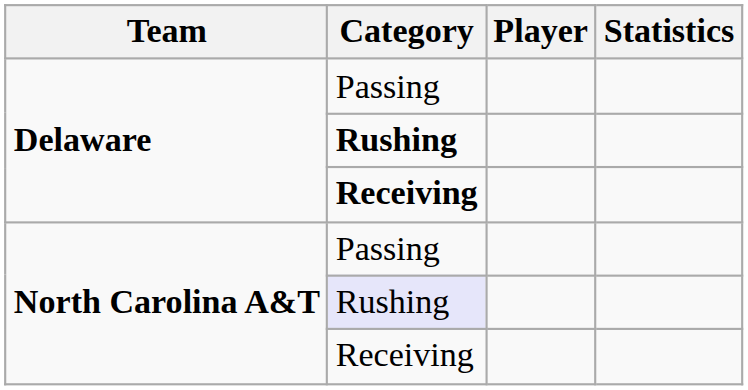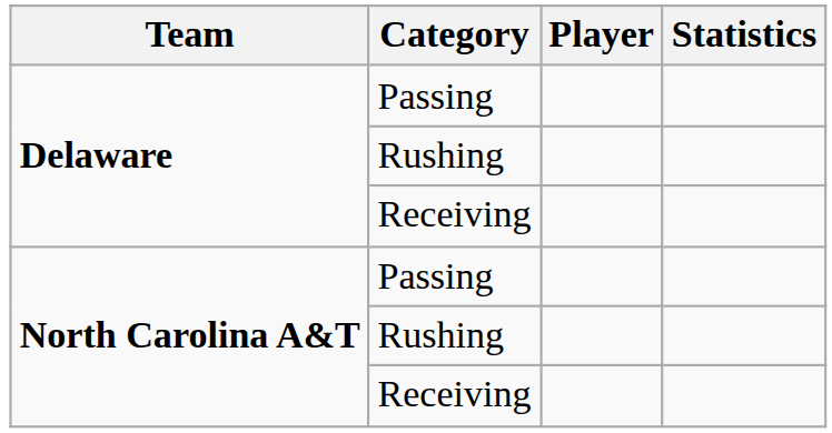 <table class="wikitable" style="float: right;">
 <tr>
 <th>Team</th>
 <th>Category</th>
 <th>Player</th>
 <th>Statistics</th>
 </tr>
 <tr>
 <td rowspan=3><strong>Delaware</strong></td>
 <td>Passing</td>
 <td></td>
 <td></td>
 </tr>
 <tr>
-<td><strong>Rushing</strong></td>
+<td>Rushing</td>
 <td></td>
 <td></td>
 </tr>
 <tr>
-<td><strong>Receiving</strong></td>
+<td>Receiving</td>
 <td></td>
 <td></td>
 </tr>
 <tr>
 <td rowspan=3><strong>North Carolina A&T</strong></td>
 <td>Passing</td>
 <td></td>
 <td></td>
 </tr>
 <tr>
-<td style="background: lavender;">Rushing</td>
+<td>Rushing</td>
 <td></td>
 <td></td>
 </tr>
 <tr>
 <td>Receiving</td>
 <td></td>
 <td></td>
 </tr>
 </table>
